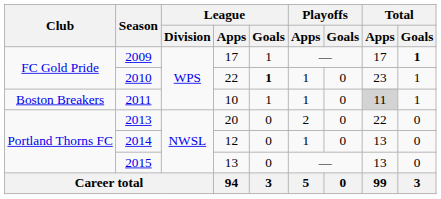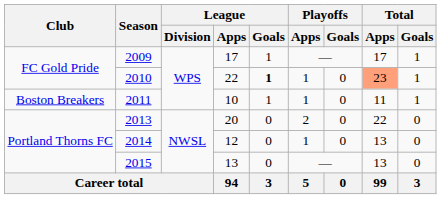 <table class="wikitable" style="text-align: center;">
 <tr>
 <th rowspan="2">Club</th>
 <th rowspan="2">Season</th>
 <th colspan="3">League</th>
 <th colspan="2">Playoffs</th>
 <th colspan="2">Total</th>
 </tr>
 <tr>
 <th>Division</th>
 <th>Apps</th>
 <th>Goals</th>
 <th>Apps</th>
 <th>Goals</th>
 <th>Apps</th>
 <th>Goals</th>
 </tr>
 <tr>
 <td rowspan="2"><a href='#'>FC Gold Pride</a></td>
 <td><a href='#'>2009</a></td>
 <td rowspan="3"><a href='#'>WPS</a></td>
 <td>17</td>
 <td>1</td>
 <td colspan="2">—</td>
 <td>17</td>
-<td><strong>1</strong></td>
+<td>1</td>
 </tr>
 <tr>
 <td><a href='#'>2010</a></td>
 <td>22</td>
 <td><strong>1</strong></td>
 <td>1</td>
 <td>0</td>
-<td>23</td>
+<td style="background: lightsalmon;">23</td>
 <td>1</td>
 </tr>
 <tr>
 <td><a href='#'>Boston Breakers</a></td>
 <td><a href='#'>2011</a></td>
 <td>10</td>
 <td>1</td>
 <td>1</td>
 <td>0</td>
-<td style="background: lightgrey;">11</td>
+<td>11</td>
 <td>1</td>
 </tr>
 <tr>
 <td rowspan="3"><a href='#'>Portland Thorns FC</a></td>
 <td><a href='#'>2013</a></td>
 <td rowspan="3"><a href='#'>NWSL</a></td>
 <td>20</td>
 <td>0</td>
 <td>2</td>
 <td>0</td>
 <td>22</td>
 <td>0</td>
 </tr>
 <tr>
 <td><a href='#'>2014</a></td>
 <td>12</td>
 <td>0</td>
 <td>1</td>
 <td>0</td>
 <td>13</td>
 <td>0</td>
 </tr>
 <tr>
 <td><a href='#'>2015</a></td>
 <td>13</td>
 <td>0</td>
 <td colspan="2">—</td>
 <td>13</td>
 <td>0</td>
 </tr>
 <tr>
 <th colspan="3">Career total</th>
 <th>94</th>
 <th>3</th>
 <th>5</th>
 <th>0</th>
 <th>99</th>
 <th>3</th>
 </tr>
 </table>
